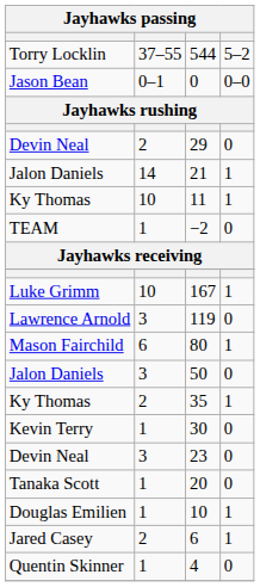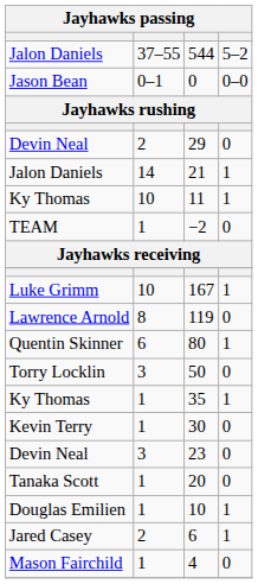 <table class="wikitable plainrowheaders">
 <tr>
 <th colspan="6">Jayhawks passing</th>
 </tr>
 <tr>
 <th scope="col"></th>
 <th scope="col"></th>
 <th scope="col"></th>
 <th scope="col"></th>
 </tr>
 <tr>
-<td>Torry Locklin</td>
+<td><a href='#'>Jalon Daniels</a></td>
 <td>37–55</td>
 <td>544</td>
 <td>5–2</td>
 </tr>
 <tr>
 <td><a href='#'>Jason Bean</a></td>
 <td>0–1</td>
 <td>0</td>
 <td>0–0</td>
 </tr>
 <tr>
 <th colspan="6">Jayhawks rushing</th>
 </tr>
 <tr>
 <th scope="col"></th>
 <th scope="col"></th>
 <th scope="col"></th>
 <th scope="col"></th>
 </tr>
 <tr>
 <td><a href='#'>Devin Neal</a></td>
 <td>2</td>
 <td>29</td>
 <td>0</td>
 </tr>
 <tr>
 <td>Jalon Daniels</td>
 <td>14</td>
 <td>21</td>
 <td>1</td>
 </tr>
 <tr>
 <td>Ky Thomas</td>
 <td>10</td>
 <td>11</td>
 <td>1</td>
 </tr>
 <tr>
 <td>TEAM</td>
 <td>1</td>
 <td>−2</td>
 <td>0</td>
 </tr>
 <tr>
 <th colspan="6">Jayhawks receiving</th>
 </tr>
 <tr>
 </tr>
 <tr>
 <th scope="col"></th>
 <th scope="col"></th>
 <th scope="col"></th>
 <th scope="col"></th>
 </tr>
 <tr>
 <td><a href='#'>Luke Grimm</a></td>
 <td>10</td>
 <td>167</td>
 <td>1</td>
 </tr>
 <tr>
 <td><a href='#'>Lawrence Arnold</a></td>
-<td>3</td>
+<td>8</td>
 <td>119</td>
 <td>0</td>
 </tr>
 <tr>
-<td><a href='#'>Mason Fairchild</a></td>
+<td>Quentin Skinner</td>
 <td>6</td>
 <td>80</td>
 <td>1</td>
 </tr>
 <tr>
-<td><a href='#'>Jalon Daniels</a></td>
+<td>Torry Locklin</td>
 <td>3</td>
 <td>50</td>
 <td>0</td>
 </tr>
 <tr>
 <td>Ky Thomas</td>
-<td>2</td>
+<td>1</td>
 <td>35</td>
 <td>1</td>
 </tr>
 <tr>
 <td>Kevin Terry</td>
 <td>1</td>
 <td>30</td>
 <td>0</td>
 </tr>
 <tr>
 <td>Devin Neal</td>
 <td>3</td>
 <td>23</td>
 <td>0</td>
 </tr>
 <tr>
 <td>Tanaka Scott</td>
 <td>1</td>
 <td>20</td>
 <td>0</td>
 </tr>
 <tr>
 <td>Douglas Emilien</td>
 <td>1</td>
 <td>10</td>
 <td>1</td>
 </tr>
 <tr>
 <td>Jared Casey</td>
 <td>2</td>
 <td>6</td>
 <td>1</td>
 </tr>
 <tr>
-<td>Quentin Skinner</td>
+<td><a href='#'>Mason Fairchild</a></td>
 <td>1</td>
 <td>4</td>
 <td>0</td>
 </tr>
 <tr>
 </tr>
 </table>
